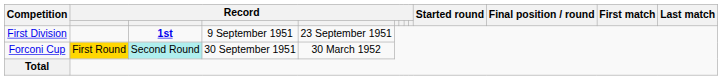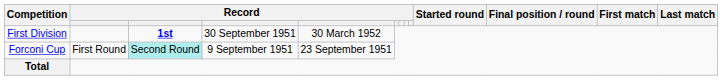 <table class="wikitable" style="text-align: center">
 <tr>
 <th rowspan=2>Competition</th>
 <th colspan=8>Record</th>
 <th rowspan=2>Started round</th>
 <th rowspan=2>Final position / round</th>
 <th rowspan=2>First match</th>
 <th rowspan=2>Last match</th>
 </tr>
 <tr>
 <th></th>
 <th></th>
 <th></th>
 <th></th>
 <th></th>
 <th></th>
 <th></th>
 <th></th>
 </tr>
 <tr>
 <td><a href='#'>First Division</a><br></td>
 <td></td>
 <td><a href='#'><strong>1st</strong></a></td>
-<td>9 September 1951</td>
-<td>23 September 1951</td>
+<td>30 September 1951</td>
+<td>30 March 1952</td>
 </tr>
 <tr>
 <td><a href='#'>Forconi Cup</a><br></td>
-<td style="background: gold;">First Round</td>
+<td>First Round</td>
 <td style="background: paleturquoise;">Second Round</td>
-<td>30 September 1951</td>
-<td>30 March 1952</td>
+<td>9 September 1951</td>
+<td>23 September 1951</td>
 </tr>
 <tr>
 <th>Total<br></th>
 </tr>
 </table>
